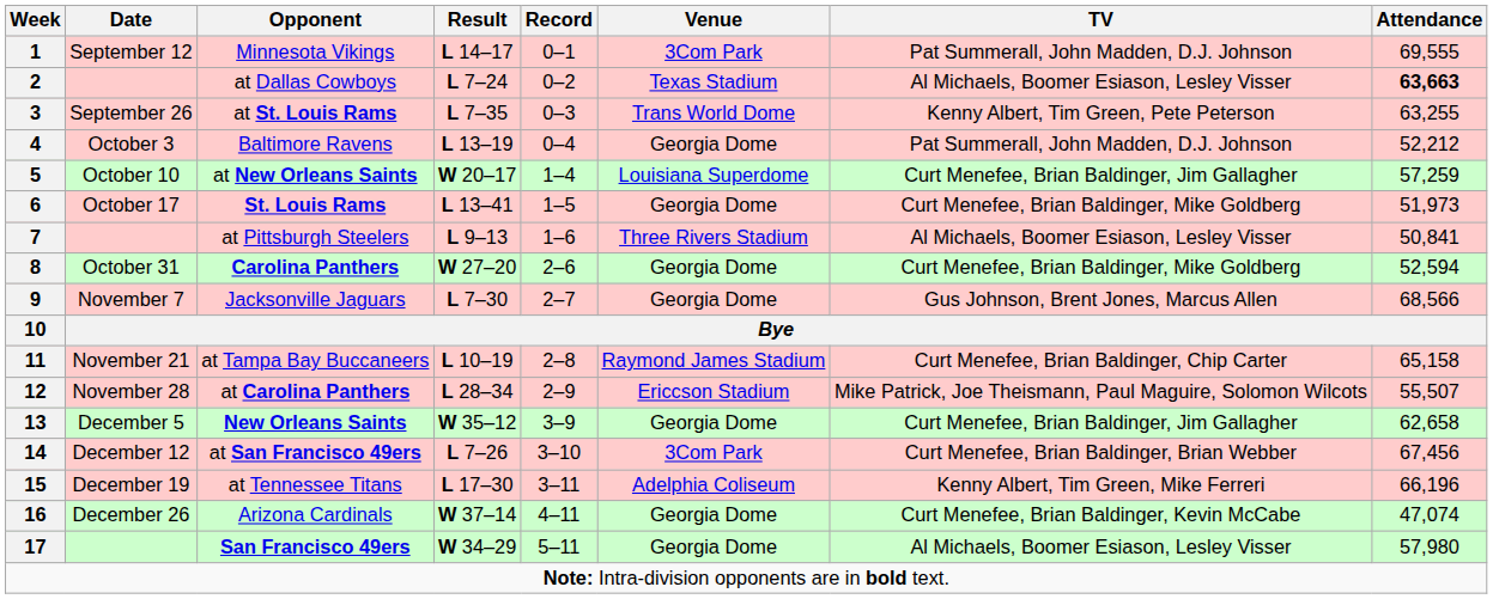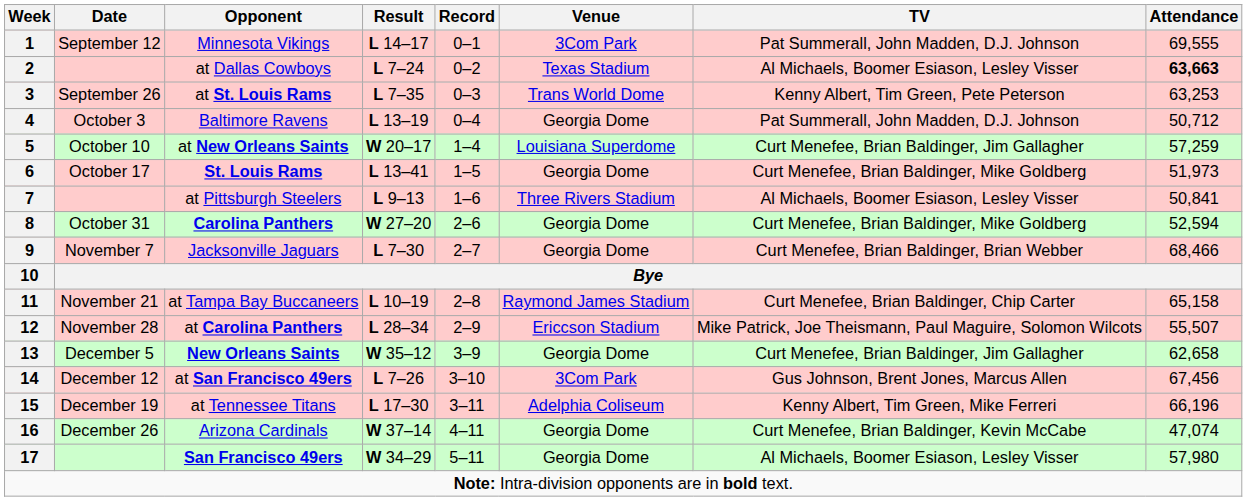 <table class="wikitable" style="text-align:center">
 <tr>
 <th>Week</th>
 <th>Date</th>
 <th>Opponent</th>
 <th>Result</th>
 <th>Record</th>
 <th>Venue</th>
 <th>TV</th>
 <th>Attendance</th>
 </tr>
 <tr style="background:#fcc">
 <th>1</th>
 <td>September 12</td>
 <td><a href='#'>Minnesota Vikings</a></td>
 <td><strong>L</strong> 14–17</td>
 <td>0–1</td>
 <td><a href='#'>3Com Park</a></td>
 <td>Pat Summerall, John Madden, D.J. Johnson</td>
 <td>69,555</td>
 </tr>
 <tr style="background:#fcc">
 <th>2</th>
 <td></td>
 <td>at <a href='#'>Dallas Cowboys</a></td>
 <td><strong>L</strong> 7–24</td>
 <td>0–2</td>
 <td><a href='#'>Texas Stadium</a></td>
 <td>Al Michaels, Boomer Esiason, Lesley Visser</td>
 <td><strong>63,663</strong></td>
 </tr>
 <tr style="background:#fcc">
 <th>3</th>
 <td>September 26</td>
 <td>at <strong><a href='#'>St. Louis Rams</a></strong></td>
 <td><strong>L</strong> 7–35</td>
 <td>0–3</td>
 <td><a href='#'>Trans World Dome</a></td>
 <td>Kenny Albert, Tim Green, Pete Peterson</td>
-<td>63,255</td>
+<td>63,253</td>
 </tr>
 <tr style="background:#fcc">
 <th>4</th>
 <td>October 3</td>
 <td><a href='#'>Baltimore Ravens</a></td>
 <td><strong>L</strong> 13–19 </td>
 <td>0–4</td>
 <td>Georgia Dome</td>
 <td>Pat Summerall, John Madden, D.J. Johnson</td>
-<td>52,212</td>
+<td>50,712</td>
 </tr>
 <tr style="background:#cfc">
 <th>5</th>
 <td>October 10</td>
 <td>at <strong><a href='#'>New Orleans Saints</a></strong></td>
 <td><strong>W</strong> 20–17</td>
 <td>1–4</td>
 <td><a href='#'>Louisiana Superdome</a></td>
 <td>Curt Menefee, Brian Baldinger, Jim Gallagher</td>
 <td>57,259</td>
 </tr>
 <tr style="background:#fcc">
 <th>6</th>
 <td>October 17</td>
 <td><strong><a href='#'>St. Louis Rams</a></strong></td>
 <td><strong>L</strong> 13–41</td>
 <td>1–5</td>
 <td>Georgia Dome</td>
 <td>Curt Menefee, Brian Baldinger, Mike Goldberg</td>
 <td>51,973</td>
 </tr>
 <tr style="background:#fcc">
 <th>7</th>
 <td></td>
 <td>at <a href='#'>Pittsburgh Steelers</a></td>
 <td><strong>L</strong> 9–13</td>
 <td>1–6</td>
 <td><a href='#'>Three Rivers Stadium</a></td>
 <td>Al Michaels, Boomer Esiason, Lesley Visser</td>
 <td>50,841</td>
 </tr>
 <tr style="background:#cfc">
 <th>8</th>
 <td>October 31</td>
 <td><strong><a href='#'>Carolina Panthers</a></strong></td>
 <td><strong>W</strong> 27–20</td>
 <td>2–6</td>
 <td>Georgia Dome</td>
 <td>Curt Menefee, Brian Baldinger, Mike Goldberg</td>
 <td>52,594</td>
 </tr>
 <tr style="background:#fcc">
 <th>9</th>
 <td>November 7</td>
 <td><a href='#'>Jacksonville Jaguars</a></td>
 <td><strong>L</strong> 7–30</td>
 <td>2–7</td>
 <td>Georgia Dome</td>
-<td>Gus Johnson, Brent Jones, Marcus Allen</td>
-<td>68,566</td>
+<td>Curt Menefee, Brian Baldinger, Brian Webber</td>
+<td>68,466</td>
 </tr>
 <tr>
 <th>10</th>
 <th colspan="7"><em>Bye</em></th>
 </tr>
 <tr style="background:#fcc">
 <th>11</th>
 <td>November 21</td>
 <td>at <a href='#'>Tampa Bay Buccaneers</a></td>
 <td><strong>L</strong> 10–19</td>
 <td>2–8</td>
 <td><a href='#'>Raymond James Stadium</a></td>
 <td>Curt Menefee, Brian Baldinger, Chip Carter</td>
 <td>65,158</td>
 </tr>
 <tr style="background:#fcc">
 <th>12</th>
 <td>November 28</td>
 <td>at <strong><a href='#'>Carolina Panthers</a></strong></td>
 <td><strong>L</strong> 28–34</td>
 <td>2–9</td>
 <td><a href='#'>Ericcson Stadium</a></td>
 <td>Mike Patrick, Joe Theismann, Paul Maguire, Solomon Wilcots</td>
 <td>55,507</td>
 </tr>
 <tr style="background:#cfc">
 <th>13</th>
 <td>December 5</td>
 <td><strong><a href='#'>New Orleans Saints</a></strong></td>
 <td><strong>W</strong> 35–12</td>
 <td>3–9</td>
 <td>Georgia Dome</td>
 <td>Curt Menefee, Brian Baldinger, Jim Gallagher</td>
 <td>62,658</td>
 </tr>
 <tr style="background:#fcc">
 <th>14</th>
 <td>December 12</td>
 <td>at <strong><a href='#'>San Francisco 49ers</a></strong></td>
 <td><strong>L</strong> 7–26</td>
 <td>3–10</td>
 <td><a href='#'>3Com Park</a></td>
-<td>Curt Menefee, Brian Baldinger, Brian Webber</td>
+<td>Gus Johnson, Brent Jones, Marcus Allen</td>
 <td>67,456</td>
 </tr>
 <tr style="background:#fcc">
 <th>15</th>
 <td>December 19</td>
 <td>at <a href='#'>Tennessee Titans</a></td>
 <td><strong>L</strong> 17–30</td>
 <td>3–11</td>
 <td><a href='#'>Adelphia Coliseum</a></td>
 <td>Kenny Albert, Tim Green, Mike Ferreri</td>
 <td>66,196</td>
 </tr>
 <tr style="background:#cfc">
 <th>16</th>
 <td>December 26</td>
 <td><a href='#'>Arizona Cardinals</a></td>
 <td><strong>W</strong> 37–14</td>
 <td>4–11</td>
 <td>Georgia Dome</td>
 <td>Curt Menefee, Brian Baldinger, Kevin McCabe</td>
 <td>47,074</td>
 </tr>
 <tr style="background:#cfc">
 <th>17</th>
 <td></td>
 <td><strong><a href='#'>San Francisco 49ers</a></strong></td>
 <td><strong>W</strong> 34–29</td>
 <td>5–11</td>
 <td>Georgia Dome</td>
 <td>Al Michaels, Boomer Esiason, Lesley Visser</td>
 <td>57,980</td>
 </tr>
 <tr>
 <td colspan="8"><strong>Note:</strong> Intra-division opponents are in <strong>bold</strong> text.</td>
 </tr>
 </table>
